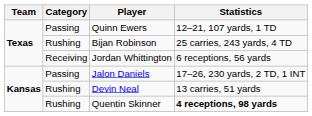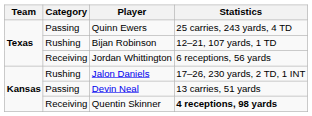 <table class="wikitable" style="float: right;">
 <tr>
 <th>Team</th>
 <th>Category</th>
 <th>Player</th>
 <th>Statistics</th>
 </tr>
 <tr>
 <td rowspan=3><strong>Texas</strong></td>
 <td>Passing</td>
 <td>Quinn Ewers</td>
-<td>12–21, 107 yards, 1 TD</td>
+<td>25 carries, 243 yards, 4 TD</td>
 </tr>
 <tr>
 <td>Rushing</td>
 <td>Bijan Robinson</td>
-<td>25 carries, 243 yards, 4 TD</td>
+<td>12–21, 107 yards, 1 TD</td>
 </tr>
 <tr>
 <td>Receiving</td>
 <td>Jordan Whittington</td>
 <td>6 receptions, 56 yards</td>
 </tr>
 <tr>
 <td rowspan=3><strong>Kansas</strong></td>
-<td>Passing</td>
+<td>Rushing</td>
 <td><a href='#'>Jalon Daniels</a></td>
 <td>17–26, 230 yards, 2 TD, 1 INT</td>
 </tr>
 <tr>
-<td>Rushing</td>
+<td>Passing</td>
 <td><a href='#'>Devin Neal</a></td>
 <td>13 carries, 51 yards</td>
 </tr>
 <tr>
-<td>Rushing</td>
+<td>Receiving</td>
 <td>Quentin Skinner</td>
 <td><strong>4 receptions, 98 yards</strong></td>
 </tr>
 </table>
